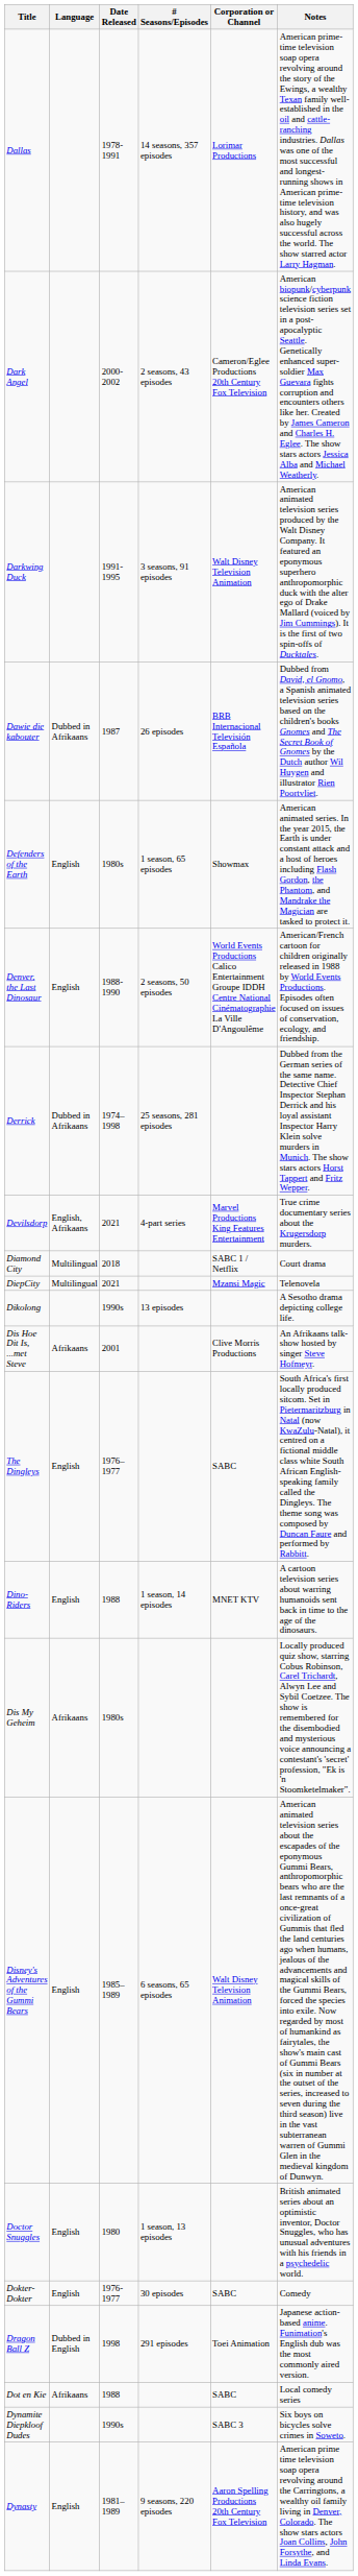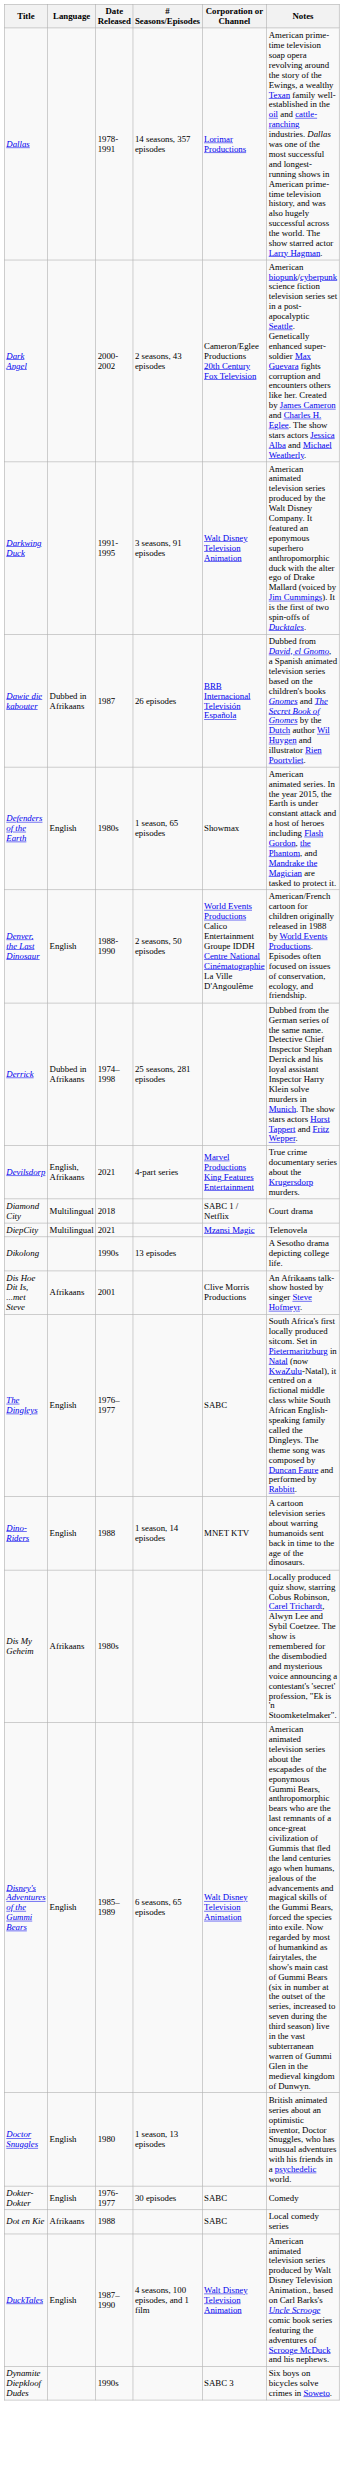 <table class="wikitable sortable">
 <tr>
 <th>Title</th>
 <th>Language</th>
 <th>Date Released</th>
 <th># Seasons/Episodes</th>
 <th>Corporation or Channel</th>
 <th>Notes</th>
 </tr>
 <tr>
 <td><em><a href='#'>Dallas</a></em></td>
 <td></td>
 <td>1978-1991</td>
 <td>14 seasons, 357 episodes</td>
 <td><a href='#'>Lorimar Productions</a></td>
 <td>American prime-time television soap opera revolving around the story of the Ewings, a wealthy <a href='#'>Texan</a> family well-established in the <a href='#'>oil</a> and <a href='#'>cattle-ranching</a> industries. <em>Dallas</em> was one of the most successful and longest-running shows in American prime-time television history, and was also hugely successful across the world. The show starred actor <a href='#'>Larry Hagman</a>.</td>
 </tr>
 <tr>
 <td><em><a href='#'>Dark Angel</a></em></td>
 <td></td>
 <td>2000-2002</td>
 <td>2 seasons, 43 episodes</td>
 <td>Cameron/Eglee Productions<br><a href='#'>20th Century Fox Television</a></td>
 <td>American <a href='#'>biopunk</a>/<a href='#'>cyberpunk</a> science fiction television series set in a post-apocalyptic <a href='#'>Seattle</a>. Genetically enhanced super-soldier <a href='#'>Max Guevara</a> fights corruption and encounters others like her. Created by <a href='#'>James Cameron</a> and <a href='#'>Charles H. Eglee</a>. The show stars actors <a href='#'>Jessica Alba</a> and <a href='#'>Michael Weatherly</a>.</td>
 </tr>
 <tr>
 <td><em><a href='#'>Darkwing Duck</a></em></td>
 <td></td>
 <td>1991-1995</td>
 <td>3 seasons, 91 episodes</td>
 <td><a href='#'>Walt Disney Television Animation</a></td>
 <td>American animated television series produced by the Walt Disney Company.  It featured an eponymous superhero anthropomorphic duck with the alter ego of Drake Mallard (voiced by <a href='#'>Jim Cummings</a>). It is the first of two spin-offs of <em><a href='#'>Ducktales</a></em>.</td>
 </tr>
 <tr>
 <td><em><a href='#'>Dawie die kabouter</a></em></td>
 <td>Dubbed in Afrikaans</td>
 <td>1987</td>
 <td>26 episodes</td>
 <td><a href='#'>BRB Internacional</a><br><a href='#'>Televisión Española</a></td>
 <td>Dubbed from <em><a href='#'>David, el Gnomo</a></em>, a Spanish animated television series based on the children's books <em><a href='#'>Gnomes</a></em> and <em><a href='#'>The Secret Book of Gnomes</a></em> by the <a href='#'>Dutch</a> author <a href='#'>Wil Huygen</a> and illustrator <a href='#'>Rien Poortvliet</a>.</td>
 </tr>
 <tr>
 <td><em><a href='#'>Defenders of the Earth</a></em></td>
 <td>English</td>
 <td>1980s</td>
 <td>1 season, 65 episodes</td>
 <td>Showmax</td>
 <td>American animated series. In the year 2015, the Earth is under constant attack and a host of heroes including <a href='#'>Flash Gordon</a>, <a href='#'>the Phantom</a>, and <a href='#'>Mandrake the Magician</a> are tasked to protect it.</td>
 </tr>
 <tr>
 <td><em><a href='#'>Denver, the Last Dinosaur</a></em></td>
 <td>English</td>
 <td>1988-1990</td>
 <td>2 seasons, 50 episodes</td>
 <td><a href='#'>World Events Productions</a><br>Calico Entertainment Groupe IDDH <a href='#'>Centre National Cinématographie</a> La Ville D'Angoulême</td>
 <td>American/French cartoon for children originally released in 1988 by <a href='#'>World Events Productions</a>. Episodes often focused on issues of conservation, ecology, and friendship.</td>
 </tr>
 <tr>
 <td><em><a href='#'>Derrick</a></em></td>
 <td>Dubbed in Afrikaans</td>
 <td>1974–1998</td>
 <td>25 seasons, 281 episodes</td>
 <td></td>
 <td>Dubbed from the German series of the same name. Detective Chief Inspector Stephan Derrick and his loyal assistant Inspector Harry Klein solve murders in <a href='#'>Munich</a>. The show stars actors <a href='#'>Horst Tappert</a> and <a href='#'>Fritz Wepper</a>.</td>
 </tr>
 <tr>
 <td><em><a href='#'>Devilsdorp</a></em></td>
 <td>English, Afrikaans</td>
 <td>2021</td>
 <td>4-part series</td>
 <td><a href='#'>Marvel Productions</a><br><a href='#'>King Features Entertainment</a></td>
 <td>True crime documentary series about the <a href='#'>Krugersdorp</a> murders.</td>
 </tr>
 <tr>
 <td><em>Diamond City</em></td>
 <td>Multilingual</td>
 <td>2018</td>
 <td></td>
 <td>SABC 1 / Netflix</td>
 <td>Court drama</td>
 </tr>
 <tr>
 <td><em>DiepCity</em></td>
 <td>Multilingual</td>
 <td>2021</td>
 <td></td>
 <td><a href='#'>Mzansi Magic</a></td>
 <td>Telenovela</td>
 </tr>
 <tr>
 <td><em>Dikolong</em></td>
 <td></td>
 <td>1990s</td>
 <td>13 episodes</td>
 <td></td>
 <td>A Sesotho drama depicting college life.</td>
 </tr>
 <tr>
 <td><em>Dis Hoe Dit Is, ...met Steve</em></td>
 <td>Afrikaans</td>
 <td>2001</td>
 <td></td>
 <td>Clive Morris Productions</td>
 <td>An Afrikaans talk-show hosted by singer <a href='#'>Steve Hofmeyr</a>.</td>
 </tr>
 <tr>
 <td><em><a href='#'>The Dingleys</a></em></td>
 <td>English</td>
 <td>1976–1977</td>
 <td></td>
 <td>SABC</td>
 <td>South Africa's first locally produced sitcom. Set in <a href='#'>Pietermaritzburg</a> in <a href='#'>Natal</a> (now <a href='#'>KwaZulu</a>-Natal), it centred on a fictional middle class white South African English-speaking family called the Dingleys. The theme song was composed by <a href='#'>Duncan Faure</a> and performed by <a href='#'>Rabbitt</a>.</td>
 </tr>
 <tr>
 <td><em><a href='#'>Dino-Riders</a></em></td>
 <td>English</td>
 <td>1988</td>
 <td>1 season, 14 episodes</td>
 <td>MNET KTV</td>
 <td>A cartoon television series about warring humanoids sent back in time to the age of the dinosaurs.</td>
 </tr>
 <tr>
 <td><em>Dis My Geheim</em></td>
 <td>Afrikaans</td>
 <td>1980s</td>
 <td></td>
 <td></td>
 <td>Locally produced quiz show, starring Cobus Robinson, <a href='#'>Carel Trichardt</a>, Alwyn Lee and Sybil Coetzee. The show is remembered for the disembodied and mysterious voice announcing a contestant's 'secret' profession, "Ek is 'n Stoomketelmaker".</td>
 </tr>
 <tr>
 <td><em><a href='#'>Disney's Adventures of the Gummi Bears</a></em></td>
 <td>English</td>
 <td>1985–1989</td>
 <td>6 seasons, 65 episodes</td>
 <td><a href='#'>Walt Disney Television Animation</a></td>
 <td>American animated television series about the escapades of the eponymous Gummi Bears, anthropomorphic bears who are the last remnants of a once-great civilization of Gummis that fled the land centuries ago when humans, jealous of the advancements and magical skills of the Gummi Bears, forced the species into exile. Now regarded by most of humankind as fairytales, the show's main cast of Gummi Bears (six in number at the outset of the series, increased to seven during the third season) live in the vast subterranean warren of Gummi Glen in the medieval kingdom of Dunwyn.</td>
 </tr>
 <tr>
 <td><em><a href='#'>Doctor Snuggles</a></em></td>
 <td>English</td>
 <td>1980</td>
 <td>1 season, 13 episodes</td>
 <td></td>
 <td>British animated series about an optimistic inventor, Doctor Snuggles, who has unusual adventures with his friends in a <a href='#'>psychedelic</a> world.</td>
 </tr>
 <tr>
 <td><em>Dokter-Dokter</em></td>
 <td>English</td>
 <td>1976-1977</td>
 <td>30 episodes</td>
 <td>SABC</td>
 <td>Comedy</td>
 </tr>
 <tr>
-<td><em><a href='#'>Dragon Ball Z</a></em></td>
-<td>Dubbed in English</td>
-<td>1998</td>
-<td>291 episodes</td>
-<td>Toei Animation</td>
-<td>Japanese action-based <a href='#'>anime</a>. <a href='#'>Funimation</a>'s English dub was the most commonly aired version.</td>
-</tr>
-<tr>
 <td><em>Dot en Kie</em></td>
 <td>Afrikaans</td>
 <td>1988</td>
 <td></td>
 <td>SABC</td>
 <td>Local comedy series</td>
+</tr>
+<tr>
+<td><em><a href='#'>DuckTales</a></em></td>
+<td>English</td>
+<td>1987–1990</td>
+<td>4 seasons, 100 episodes, and 1 film</td>
+<td><a href='#'>Walt Disney Television Animation</a></td>
+<td>American animated television series produced by Walt Disney Television Animation., based on Carl Barks's <em><a href='#'>Uncle Scrooge</a></em> comic book series featuring the adventures of <a href='#'>Scrooge McDuck</a> and his nephews.</td>
 </tr>
 <tr>
 <td><em>Dynamite Diepkloof Dudes</em></td>
 <td></td>
 <td>1990s</td>
 <td></td>
 <td>SABC 3</td>
 <td>Six boys on bicycles solve crimes in <a href='#'>Soweto</a>.</td>
 </tr>
-<tr>
-<td><em><a href='#'>Dynasty</a></em></td>
-<td>English</td>
-<td>1981–1989</td>
-<td>9 seasons, 220 episodes</td>
-<td><a href='#'>Aaron Spelling Productions</a><br><a href='#'>20th Century Fox Television</a></td>
-<td>American prime time television soap opera revolving around the Carringtons, a wealthy oil family living in <a href='#'>Denver, Colorado</a>. The show stars actors <a href='#'>Joan Collins</a>, <a href='#'>John Forsythe</a>, and <a href='#'>Linda Evans</a>.</td>
-</tr>
 </table>
